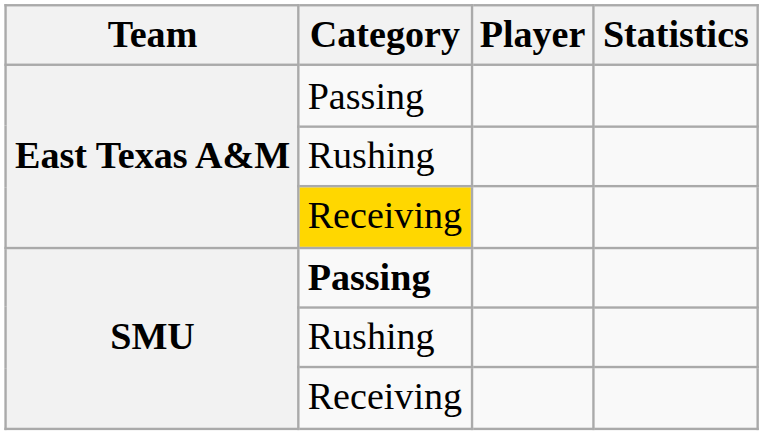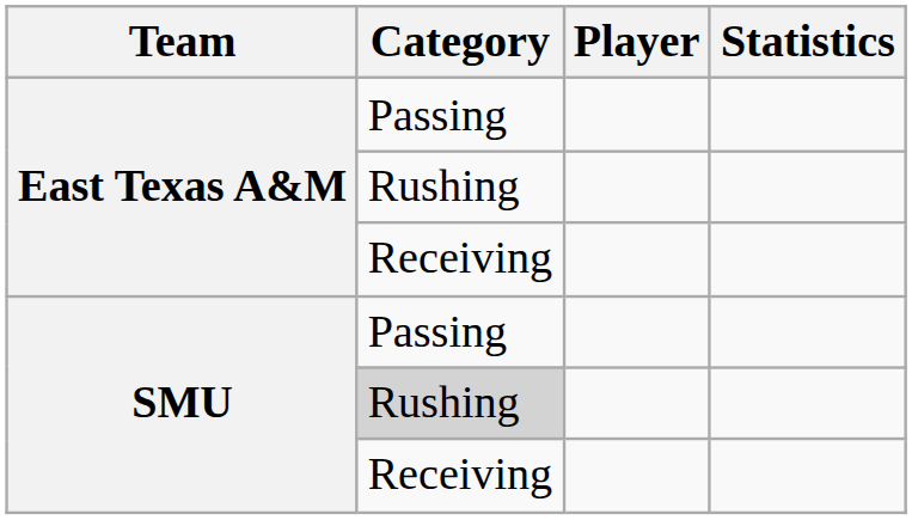 <table class="wikitable" style="float:right">
 <tr>
 <th>Team</th>
 <th>Category</th>
 <th>Player</th>
 <th>Statistics</th>
 </tr>
 <tr>
 <th rowspan=3>East Texas A&M</th>
 <td>Passing</td>
 <td></td>
 <td></td>
 </tr>
 <tr>
 <td>Rushing</td>
 <td></td>
 <td></td>
 </tr>
 <tr>
-<td style="background: gold;">Receiving</td>
+<td>Receiving</td>
 <td></td>
 <td></td>
 </tr>
 <tr>
 <th rowspan=3>SMU</th>
-<td><strong>Passing</strong></td>
+<td>Passing</td>
 <td></td>
 <td></td>
 </tr>
 <tr>
-<td>Rushing</td>
+<td style="background: lightgrey;">Rushing</td>
 <td></td>
 <td></td>
 </tr>
 <tr>
 <td>Receiving</td>
 <td></td>
 <td></td>
 </tr>
 </table>
